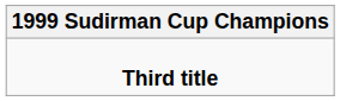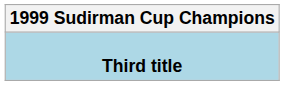 <table class=wikitable style="text-align:center; margin:auto">
 <tr>
 <th>1999 Sudirman Cup Champions</th>
 </tr>
 <tr>
-<td><strong></strong> <br> <strong>Third title</strong></td>
+<td style="background: lightblue;"><strong></strong> <br> <strong>Third title</strong></td>
 </tr>
 </table>
